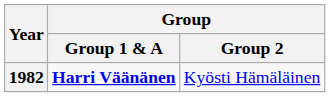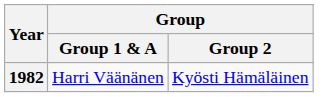 <table class="wikitable" style="font-size: 95%">
 <tr>
 <th rowspan="2">Year</th>
 <th colspan="2">Group</th>
 </tr>
 <tr>
 <th>Group 1 & A</th>
 <th>Group 2</th>
 </tr>
 <tr>
 <th>1982</th>
-<td><strong><a href='#'>Harri Väänänen</a></strong></td>
+<td><a href='#'>Harri Väänänen</a></td>
 <td><a href='#'>Kyösti Hämäläinen</a></td>
 </tr>
 </table>
